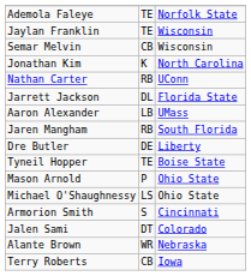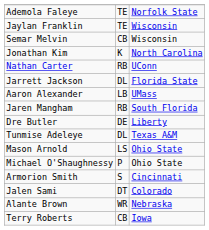 <table class="wikitable" style="display: inline-table;">
 <tr align="center">
 </tr>
 <tr>
 <td>Ademola Faleye</td>
 <td>TE</td>
 <td><a href='#'>Norfolk State</a></td>
 </tr>
 <tr>
 <td>Jaylan Franklin</td>
 <td>TE</td>
 <td><a href='#'>Wisconsin</a></td>
 </tr>
 <tr>
 <td>Semar Melvin</td>
 <td>CB</td>
 <td>Wisconsin</td>
 </tr>
 <tr>
 <td>Jonathan Kim</td>
 <td>K</td>
 <td><a href='#'>North Carolina</a></td>
 </tr>
 <tr>
 <td><a href='#'>Nathan Carter</a></td>
 <td>RB</td>
 <td><a href='#'>UConn</a></td>
 </tr>
 <tr>
 <td>Jarrett Jackson</td>
 <td>DL</td>
 <td><a href='#'>Florida State</a></td>
 </tr>
 <tr>
 <td>Aaron Alexander</td>
 <td>LB</td>
 <td><a href='#'>UMass</a></td>
 </tr>
 <tr>
 <td>Jaren Mangham</td>
 <td>RB</td>
 <td><a href='#'>South Florida</a></td>
 </tr>
 <tr>
 <td>Dre Butler</td>
 <td>DE</td>
 <td><a href='#'>Liberty</a></td>
 </tr>
 <tr>
-<td>Tyneil Hopper</td>
-<td>TE</td>
-<td><a href='#'>Boise State</a></td>
+<td>Tunmise Adeleye</td>
+<td>DL</td>
+<td><a href='#'>Texas A&M</a></td>
 </tr>
 <tr>
 <td>Mason Arnold</td>
-<td>P</td>
+<td>LS</td>
 <td><a href='#'>Ohio State</a></td>
 </tr>
 <tr>
 <td>Michael O'Shaughnessy</td>
-<td>LS</td>
+<td>P</td>
 <td>Ohio State</td>
 </tr>
 <tr>
 <td>Armorion Smith</td>
 <td>S</td>
 <td><a href='#'>Cincinnati</a></td>
 </tr>
 <tr>
 <td>Jalen Sami</td>
 <td>DT</td>
 <td><a href='#'>Colorado</a></td>
 </tr>
 <tr>
 <td>Alante Brown</td>
 <td>WR</td>
 <td><a href='#'>Nebraska</a></td>
 </tr>
 <tr>
 <td>Terry Roberts</td>
 <td>CB</td>
 <td><a href='#'>Iowa</a></td>
 </tr>
 </table>
